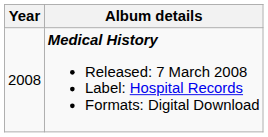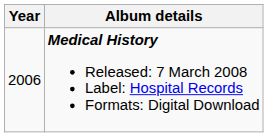 <table class="wikitable" style="text-align:center;">
 <tr>
 <th>Year</th>
 <th>Album details</th>
 </tr>
 <tr>
-<td>2008</td>
+<td>2006</td>
 <td align="left"><strong><em>Medical History</em></strong><br><ul><li>Released: 7 March 2008</li><li>Label: <a href='#'>Hospital Records</a></li><li>Formats: Digital Download</li></ul></td>
 </tr>
 </table>
